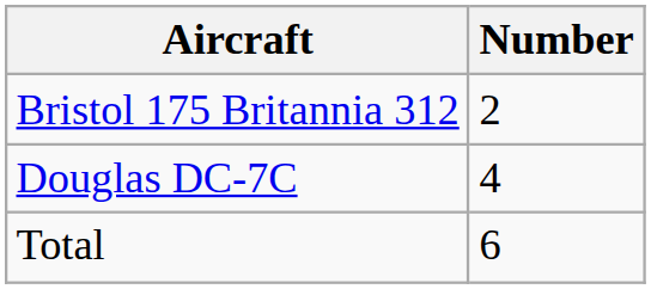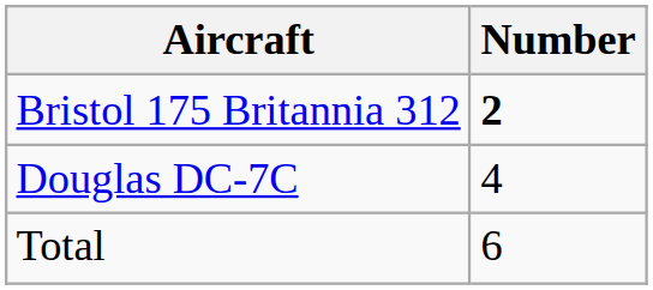 <table class="wikitable">
 <tr>
 <th>Aircraft</th>
 <th>Number</th>
 </tr>
 <tr>
 <td><a href='#'>Bristol 175 Britannia 312</a></td>
-<td>2</td>
+<td><strong>2</strong></td>
 </tr>
 <tr>
 <td><a href='#'>Douglas DC-7C</a></td>
 <td>4</td>
 </tr>
 <tr>
 <td>Total</td>
 <td>6</td>
 </tr>
 </table>
